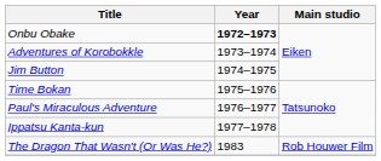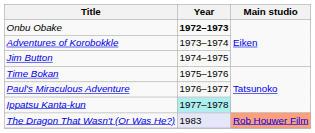 <table class="wikitable">
 <tr>
 <th>Title</th>
 <th>Year</th>
 <th>Main studio</th>
 </tr>
 <tr>
 <td><em>Onbu Obake</em></td>
 <td><strong>1972–1973</strong></td>
 <td rowspan="3"><a href='#'>Eiken</a></td>
 </tr>
 <tr>
 <td><em><a href='#'>Adventures of Korobokkle</a></em></td>
 <td>1973–1974</td>
 </tr>
 <tr>
 <td><em><a href='#'>Jim Button</a></em></td>
 <td>1974–1975</td>
 </tr>
 <tr>
 <td><em><a href='#'>Time Bokan</a></em></td>
 <td>1975–1976</td>
 <td rowspan="3"><a href='#'>Tatsunoko</a></td>
 </tr>
 <tr>
 <td><em><a href='#'>Paul's Miraculous Adventure</a></em></td>
 <td>1976–1977</td>
 </tr>
 <tr>
 <td><em><a href='#'>Ippatsu Kanta-kun</a></em></td>
-<td>1977–1978</td>
+<td style="background: paleturquoise;">1977–1978</td>
 </tr>
 <tr>
 <td><em><a href='#'>The Dragon That Wasn't (Or Was He?)</a></em></td>
-<td>1983</td>
-<td><a href='#'>Rob Houwer Film</a></td>
+<td style="background: lavender;">1983</td>
+<td style="background: lightsalmon;"><a href='#'>Rob Houwer Film</a></td>
 </tr>
 <tr>
 </tr>
 </table>
